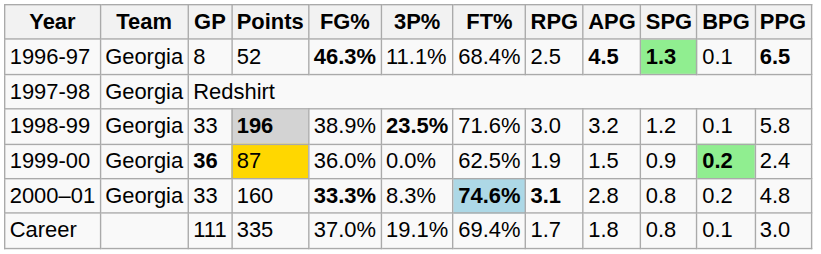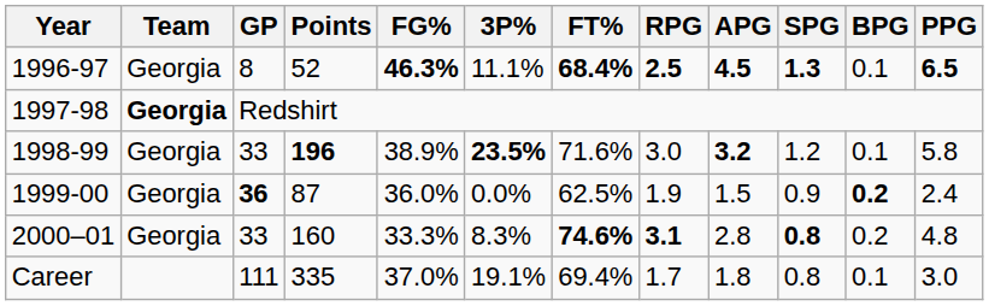 <table class="wikitable">
 <tr>
 <th>Year</th>
 <th>Team</th>
 <th>GP</th>
 <th>Points</th>
 <th>FG%</th>
 <th>3P%</th>
 <th>FT%</th>
 <th>RPG</th>
 <th>APG</th>
 <th>SPG</th>
 <th>BPG</th>
 <th>PPG</th>
 </tr>
 <tr>
 <td>1996-97</td>
 <td>Georgia</td>
 <td>8</td>
 <td>52</td>
 <td><strong>46.3%</strong></td>
 <td>11.1%</td>
-<td>68.4%</td>
-<td>2.5</td>
+<td><strong>68.4%</strong></td>
+<td><strong>2.5</strong></td>
 <td><strong>4.5</strong></td>
-<td style="background: lightgreen;"><strong>1.3</strong></td>
+<td><strong>1.3</strong></td>
 <td>0.1</td>
 <td><strong>6.5</strong></td>
 </tr>
 <tr>
 <td>1997-98</td>
-<td>Georgia</td>
+<td><strong>Georgia</strong></td>
 <td colspan="10">Redshirt</td>
 </tr>
 <tr>
 <td>1998-99</td>
 <td>Georgia</td>
 <td>33</td>
-<td style="background: lightgrey;"><strong>196</strong></td>
+<td><strong>196</strong></td>
 <td>38.9%</td>
 <td><strong>23.5%</strong></td>
 <td>71.6%</td>
 <td>3.0</td>
-<td>3.2</td>
+<td><strong>3.2</strong></td>
 <td>1.2</td>
 <td>0.1</td>
 <td>5.8</td>
 </tr>
 <tr>
 <td>1999-00</td>
 <td>Georgia</td>
 <td><strong>36</strong></td>
-<td style="background: gold;">87</td>
+<td>87</td>
 <td>36.0%</td>
 <td>0.0%</td>
 <td>62.5%</td>
 <td>1.9</td>
 <td>1.5</td>
 <td>0.9</td>
-<td style="background: lightgreen;"><strong>0.2</strong></td>
+<td><strong>0.2</strong></td>
 <td>2.4</td>
 </tr>
 <tr>
 <td>2000–01</td>
 <td>Georgia</td>
 <td>33</td>
 <td>160</td>
-<td><strong>33.3%</strong></td>
+<td>33.3%</td>
 <td>8.3%</td>
-<td style="background: lightblue;"><strong>74.6%</strong></td>
+<td><strong>74.6%</strong></td>
 <td><strong>3.1</strong></td>
 <td>2.8</td>
-<td>0.8</td>
+<td><strong>0.8</strong></td>
 <td>0.2</td>
 <td>4.8</td>
 </tr>
 <tr>
 <td>Career</td>
 <td></td>
 <td>111</td>
 <td>335</td>
 <td>37.0%</td>
 <td>19.1%</td>
 <td>69.4%</td>
 <td>1.7</td>
 <td>1.8</td>
 <td>0.8</td>
 <td>0.1</td>
 <td>3.0</td>
 </tr>
 </table>
